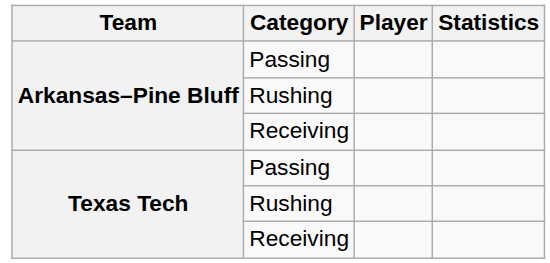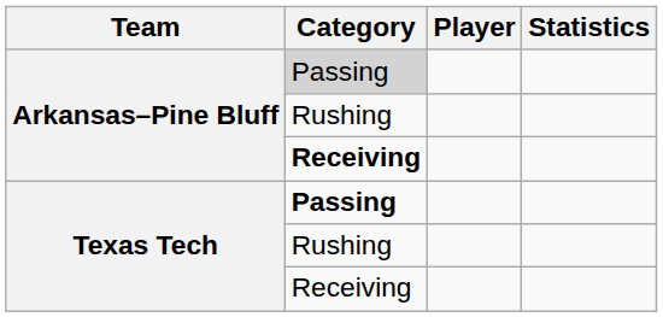 <table class="wikitable" style="float:right">
 <tr>
 <th>Team</th>
 <th>Category</th>
 <th>Player</th>
 <th>Statistics</th>
 </tr>
 <tr>
 <th rowspan=3>Arkansas–Pine Bluff</th>
-<td>Passing</td>
+<td style="background: lightgrey;">Passing</td>
 <td></td>
 <td></td>
 </tr>
 <tr>
 <td>Rushing</td>
 <td></td>
 <td></td>
 </tr>
 <tr>
-<td>Receiving</td>
+<td><strong>Receiving</strong></td>
 <td></td>
 <td></td>
 </tr>
 <tr>
 <th rowspan=3>Texas Tech</th>
-<td>Passing</td>
+<td><strong>Passing</strong></td>
 <td></td>
 <td></td>
 </tr>
 <tr>
 <td>Rushing</td>
 <td></td>
 <td></td>
 </tr>
 <tr>
 <td>Receiving</td>
 <td></td>
 <td></td>
 </tr>
 </table>
